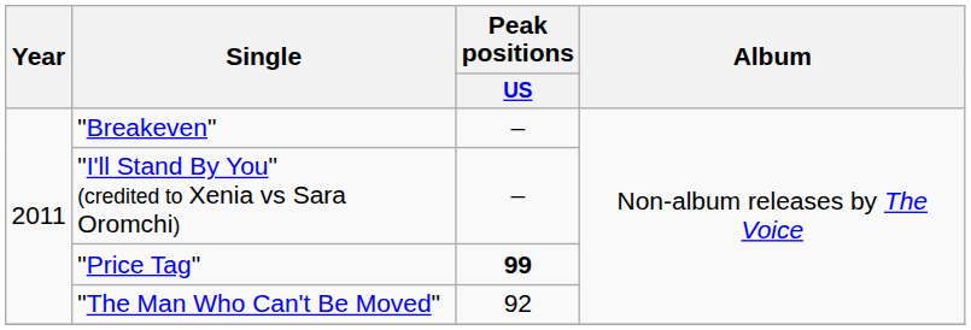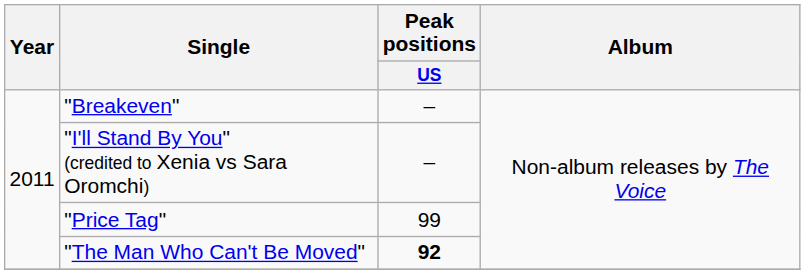 <table class="wikitable" style="text-align:center;">
 <tr>
 <th rowspan="2">Year</th>
 <th rowspan="2">Single</th>
 <th colspan="1">Peak positions</th>
 <th rowspan="2">Album</th>
 </tr>
 <tr style="font-size:smaller;">
 <th width="50"><a href='#'>US</a><br></th>
 </tr>
 <tr>
 <td rowspan="4">2011</td>
 <td align="left">"<a href='#'>Breakeven</a>"</td>
 <td>–</td>
 <td rowspan="4">Non-album releases by <em><a href='#'>The Voice</a></em></td>
 </tr>
 <tr>
 <td align="left">"<a href='#'>I'll Stand By You</a>" <br> <small>(credited to </small>Xenia vs Sara Oromchi<small>)</small></td>
 <td>–</td>
 </tr>
 <tr>
 <td align="left">"<a href='#'>Price Tag</a>"</td>
-<td><strong>99</strong></td>
+<td>99</td>
 </tr>
 <tr>
 <td align="left">"<a href='#'>The Man Who Can't Be Moved</a>"</td>
-<td>92</td>
+<td><strong>92</strong></td>
 </tr>
 <tr>
 </tr>
 </table>
